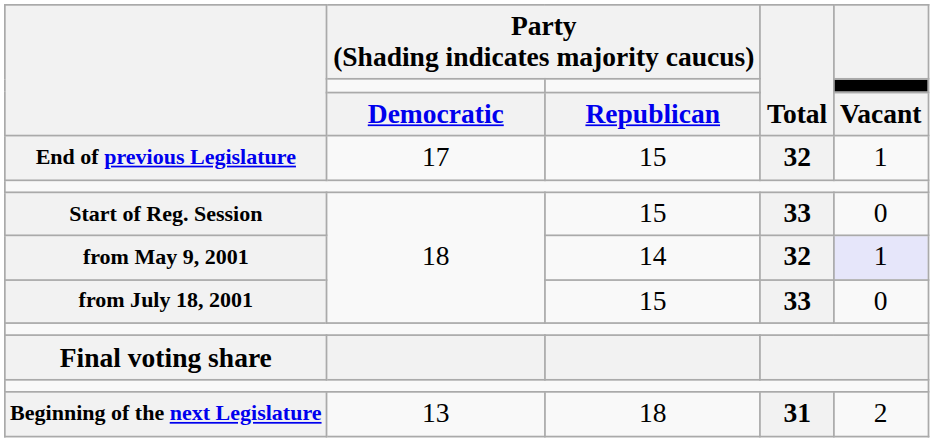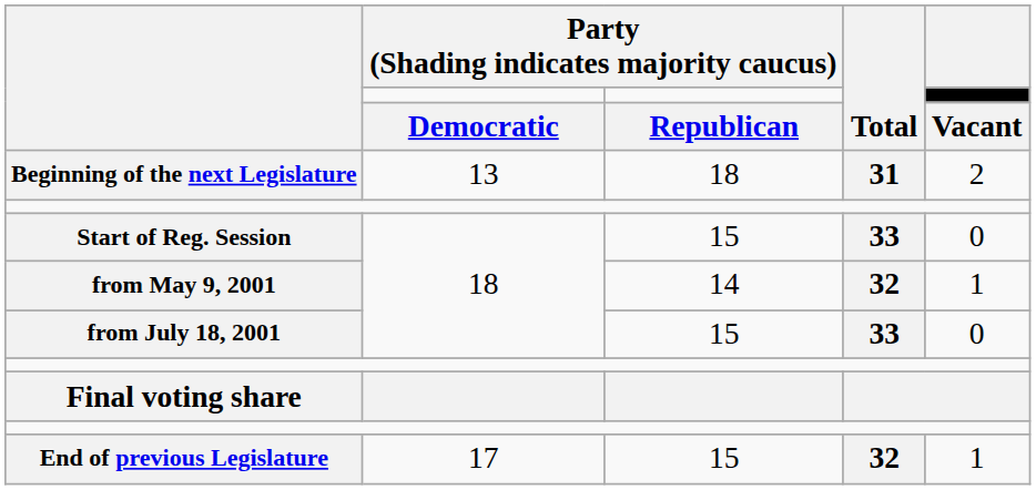 <table class=wikitable style="text-align:center">
 <tr style="vertical-align:bottom;">
 <th rowspan=3></th>
 <th colspan=2>Party <div>(Shading indicates majority caucus)</div></th>
 <th rowspan=3>Total</th>
 <th></th>
 </tr>
 <tr style="height:5px">
 <td style="background-color:"></td>
 <td style="background-color:"></td>
 <td style="background-color:black"></td>
 </tr>
 <tr>
 <th><a href='#'>Democratic</a></th>
 <th><a href='#'>Republican</a></th>
 <th>Vacant</th>
 </tr>
 <tr>
-<th nowrap style="font-size:80%">End of <a href='#'>previous Legislature</a></th>
-<td>17</td>
-<td>15</td>
-<th>32</th>
-<td>1</td>
+<th style="white-space:nowrap; font-size:80%;">Beginning of the <a href='#'>next Legislature</a></th>
+<td>13</td>
+<td>18</td>
+<th>31</th>
+<td>2</td>
 </tr>
 <tr>
 <td colspan=5></td>
 </tr>
 <tr>
 <th nowrap style="font-size:80%">Start of Reg. Session</th>
 <td rowspan="3" >18</td>
 <td>15</td>
 <th>33</th>
 <td>0</td>
 </tr>
 <tr>
 <th nowrap style="font-size:80%">from May 9, 2001</th>
 <td>14</td>
 <th>32</th>
-<td style="background: lavender;">1</td>
+<td>1</td>
 </tr>
 <tr>
 <th nowrap style="font-size:80%">from July 18, 2001</th>
 <td>15</td>
 <th>33</th>
 <td>0</td>
 </tr>
 <tr>
 <td colspan=5></td>
 </tr>
 <tr>
 <th>Final voting share</th>
 <th></th>
 <th></th>
 <th colspan=2></th>
 </tr>
 <tr>
 <td colspan=5></td>
 </tr>
 <tr>
-<th style="white-space:nowrap; font-size:80%;">Beginning of the <a href='#'>next Legislature</a></th>
-<td>13</td>
-<td>18</td>
-<th>31</th>
-<td>2</td>
+<th nowrap style="font-size:80%">End of <a href='#'>previous Legislature</a></th>
+<td>17</td>
+<td>15</td>
+<th>32</th>
+<td>1</td>
 </tr>
 </table>
